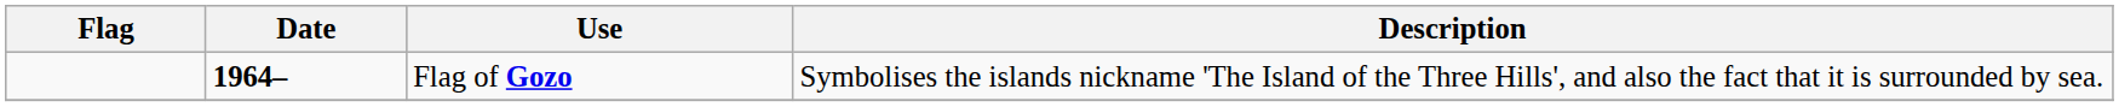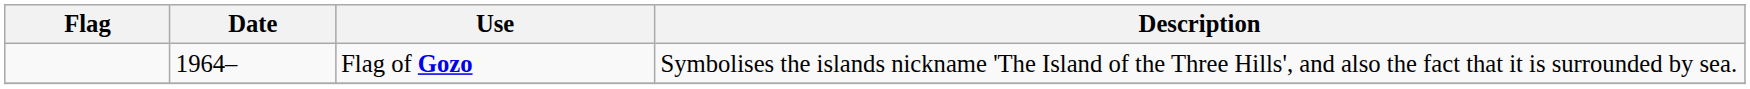 <table class="wikitable sortable">
 <tr>
 <th style="width:100px;">Flag</th>
 <th style="width:100px;">Date</th>
 <th style="width:200px;">Use</th>
 <th style="width:700px;">Description</th>
 </tr>
 <tr>
 <td></td>
-<td><strong>1964–</strong></td>
+<td>1964–</td>
 <td>Flag of <strong><a href='#'>Gozo</a></strong></td>
 <td>Symbolises the islands nickname 'The Island of the Three Hills', and also the fact that it is surrounded by sea.</td>
 </tr>
 <tr>
 </tr>
 </table>
